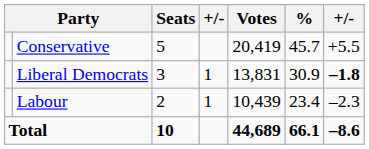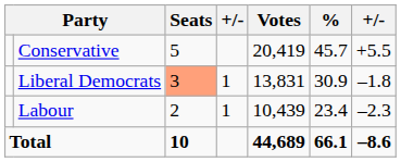 <table class="wikitable sortable">
 <tr>
 <th colspan="2">Party</th>
 <th>Seats</th>
 <th>+/-</th>
 <th>Votes</th>
 <th>%</th>
 <th>+/-</th>
 </tr>
 <tr>
 <td style="background-color: "></td>
 <td><a href='#'>Conservative</a></td>
 <td>5</td>
 <td></td>
 <td style="text-align:right;">20,419</td>
 <td style="text-align:right;">45.7</td>
 <td style="text-align:right;">+5.5</td>
 </tr>
 <tr>
 <td style="background-color: "></td>
 <td><a href='#'>Liberal Democrats</a></td>
-<td>3</td>
+<td style="background: lightsalmon;">3</td>
 <td> 1</td>
 <td style="text-align:right;">13,831</td>
 <td style="text-align:right;">30.9</td>
-<td style="text-align:right;"><strong>–1.8</strong></td>
+<td style="text-align:right;">–1.8</td>
 </tr>
 <tr>
 <td style="background-color: "></td>
 <td><a href='#'>Labour</a></td>
 <td>2</td>
 <td> 1</td>
 <td style="text-align:right;">10,439</td>
 <td style="text-align:right;">23.4</td>
 <td style="text-align:right;">–2.3</td>
 </tr>
 <tr>
 <td colspan="2"><strong>Total</strong></td>
 <td><strong>10</strong></td>
 <td></td>
 <td style="text-align:right;"><strong>44,689</strong></td>
 <td style="text-align:right;"><strong>66.1</strong></td>
 <td style="text-align:right;"><strong>–8.6</strong></td>
 </tr>
 </table>
